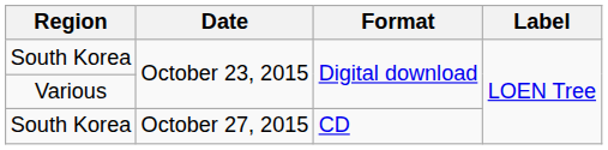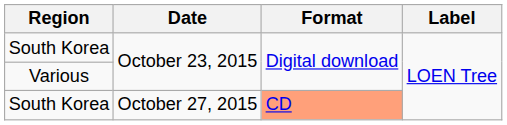 <table class="wikitable">
 <tr>
 <th style="text-align:center;">Region</th>
 <th style="text-align:center;">Date</th>
 <th style="text-align:center;">Format</th>
 <th style="text-align:center;">Label</th>
 </tr>
 <tr>
 <td style="text-align:center;">South Korea</td>
 <td style="text-align:center;" rowspan="2">October 23, 2015</td>
 <td rowspan="2"><a href='#'>Digital download</a></td>
 <td rowspan="3"><a href='#'>LOEN Tree</a></td>
 </tr>
 <tr>
 <td style="text-align:center;">Various</td>
 </tr>
 <tr>
 <td style="text-align:center;">South Korea</td>
 <td style="text-align:center;">October 27, 2015</td>
-<td><a href='#'>CD</a></td>
+<td style="background: lightsalmon;"><a href='#'>CD</a></td>
 </tr>
 </table>
